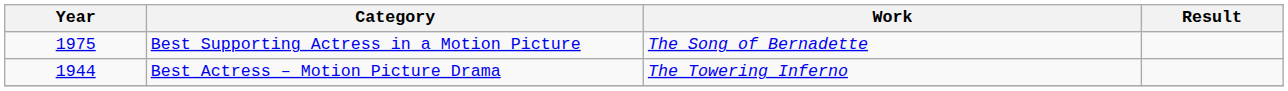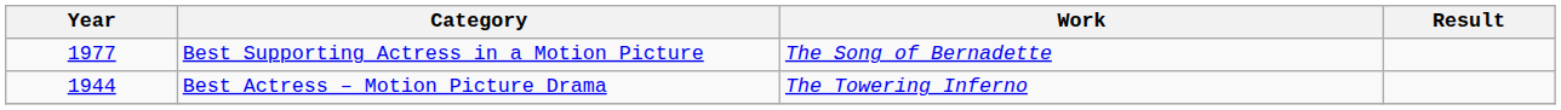 <table class="wikitable" width="75%" cellpadding="5" style="font-size: 95%">
 <tr>
 <th width="10%">Year</th>
 <th width="35%">Category</th>
 <th width="35%">Work</th>
 <th width="10%">Result</th>
 </tr>
 <tr>
-<td style="text-align:center;"><a href='#'>1975</a></td>
+<td style="text-align:center;"><a href='#'>1977</a></td>
 <td><a href='#'>Best Supporting Actress in a Motion Picture</a></td>
 <td><em><a href='#'>The Song of Bernadette</a></em></td>
 <td></td>
 </tr>
 <tr>
 <td style="text-align:center;"><a href='#'>1944</a></td>
 <td><a href='#'>Best Actress – Motion Picture Drama</a></td>
 <td><em><a href='#'>The Towering Inferno</a></em></td>
 <td></td>
 </tr>
 <tr>
 </tr>
 </table>
